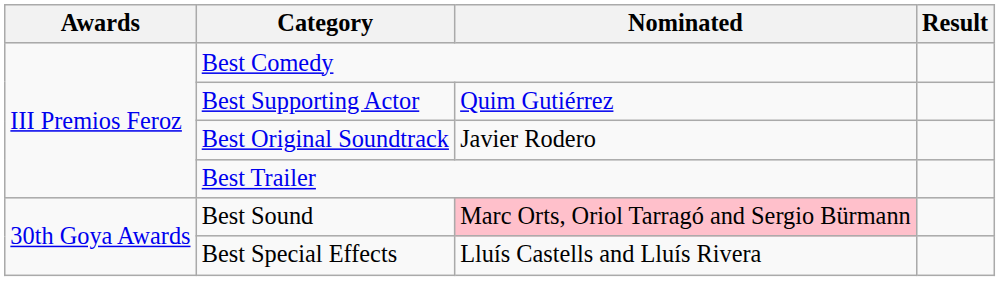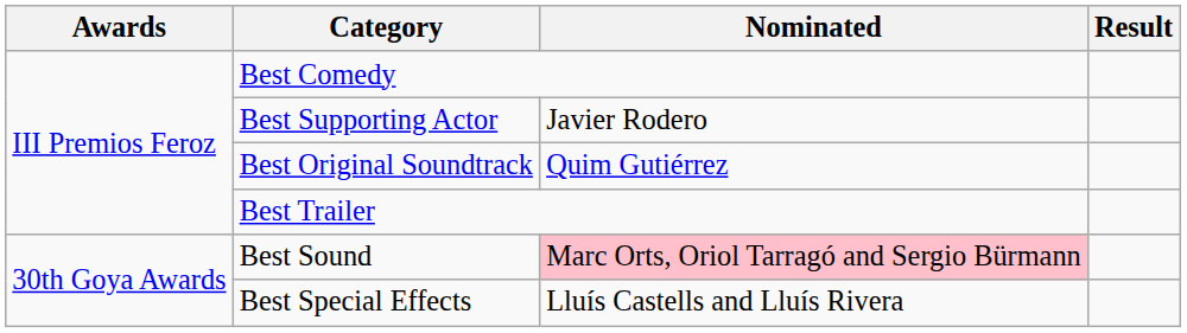 <table class=wikitable>
 <tr>
 <th>Awards</th>
 <th>Category</th>
 <th>Nominated</th>
 <th>Result</th>
 </tr>
 <tr>
 <td rowspan=4><a href='#'>III Premios Feroz</a></td>
 <td colspan=2><a href='#'>Best Comedy</a></td>
 <td></td>
 </tr>
 <tr>
 <td><a href='#'>Best Supporting Actor</a></td>
-<td><a href='#'>Quim Gutiérrez</a></td>
+<td>Javier Rodero</td>
 <td></td>
 </tr>
 <tr>
 <td><a href='#'>Best Original Soundtrack</a></td>
-<td>Javier Rodero</td>
+<td><a href='#'>Quim Gutiérrez</a></td>
 <td></td>
 </tr>
 <tr>
 <td colspan=2><a href='#'>Best Trailer</a></td>
 <td></td>
 </tr>
 <tr>
 <td rowspan=2><a href='#'>30th Goya Awards</a></td>
 <td>Best Sound</td>
 <td style="background: pink;">Marc Orts, Oriol Tarragó and Sergio Bürmann</td>
 <td></td>
 </tr>
 <tr>
 <td>Best Special Effects</td>
 <td>Lluís Castells and Lluís Rivera</td>
 <td></td>
 </tr>
 </table>
